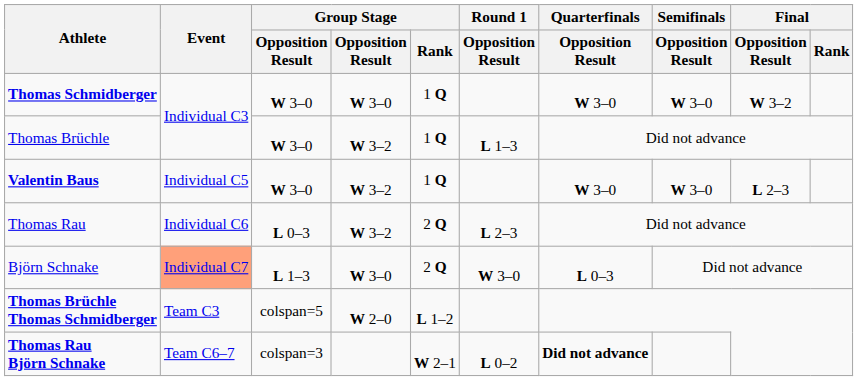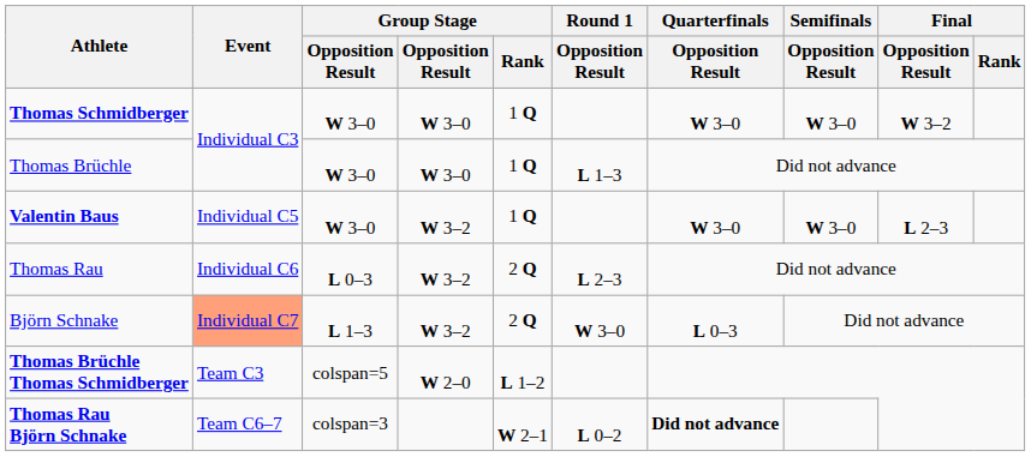 <table class=wikitable style="font-size:90%">
 <tr>
 <th rowspan="2">Athlete</th>
 <th rowspan="2">Event</th>
 <th colspan="3">Group Stage</th>
 <th>Round 1</th>
 <th>Quarterfinals</th>
 <th>Semifinals</th>
 <th colspan="2">Final</th>
 </tr>
 <tr>
 <th>Opposition<br>Result</th>
 <th>Opposition<br>Result</th>
 <th>Rank</th>
 <th>Opposition<br>Result</th>
 <th>Opposition<br>Result</th>
 <th>Opposition<br>Result</th>
 <th>Opposition<br>Result</th>
 <th>Rank</th>
 </tr>
 <tr align=center>
 <td align=left><strong><a href='#'>Thomas Schmidberger</a></strong></td>
 <td rowspan="2" align="left"><a href='#'>Individual C3</a></td>
 <td><br><strong>W</strong> 3–0</td>
 <td><br><strong>W</strong> 3–0</td>
 <td>1 <strong>Q</strong></td>
 <td></td>
 <td><br><strong>W</strong> 3–0</td>
 <td><br><strong>W</strong> 3–0</td>
 <td><br><strong>W</strong> 3–2</td>
 <td></td>
 </tr>
 <tr align=center>
 <td align=left><a href='#'>Thomas Brüchle</a></td>
 <td><br><strong>W</strong> 3–0</td>
-<td><br><strong>W</strong> 3–2</td>
+<td><br><strong>W</strong> 3–0</td>
 <td>1 <strong>Q</strong></td>
 <td><br><strong>L</strong> 1–3</td>
 <td colspan=4>Did not advance</td>
 </tr>
 <tr align=center>
 <td align=left><strong><a href='#'>Valentin Baus</a></strong></td>
 <td align=left><a href='#'>Individual C5</a></td>
 <td><br><strong>W</strong> 3–0</td>
 <td><br><strong>W</strong> 3–2</td>
 <td>1 <strong>Q</strong></td>
 <td></td>
 <td><br><strong>W</strong> 3–0</td>
 <td><br><strong>W</strong> 3–0</td>
 <td><br><strong>L</strong> 2–3</td>
 <td></td>
 </tr>
 <tr align=center>
 <td align=left><a href='#'>Thomas Rau</a></td>
 <td align=left><a href='#'>Individual C6</a></td>
 <td><br><strong>L</strong> 0–3</td>
 <td><br><strong>W</strong> 3–2</td>
 <td>2 <strong>Q</strong></td>
 <td><br><strong>L</strong> 2–3</td>
 <td colspan=4>Did not advance</td>
 </tr>
 <tr align=center>
 <td align=left><a href='#'>Björn Schnake</a></td>
 <td align=left style="background: lightsalmon;"><a href='#'>Individual C7</a></td>
 <td><br><strong>L</strong> 1–3</td>
-<td><br><strong>W</strong> 3–0</td>
+<td><br><strong>W</strong> 3–2</td>
 <td>2 <strong>Q</strong></td>
 <td><br><strong>W</strong> 3–0</td>
 <td><br><strong>L</strong> 0–3</td>
 <td colspan=3>Did not advance</td>
 </tr>
 <tr align=center>
 <td align=left><strong><a href='#'>Thomas Brüchle</a><br><a href='#'>Thomas Schmidberger</a></strong></td>
 <td align=left><a href='#'>Team C3</a></td>
 <td>colspan=5</td>
 <td><br><strong>W</strong> 2–0</td>
 <td><br><strong>L</strong> 1–2</td>
 <td></td>
 </tr>
 <tr align=center>
 <td align=left><strong><a href='#'>Thomas Rau</a><br><a href='#'>Björn Schnake</a></strong></td>
 <td align=left><a href='#'>Team C6–7</a></td>
 <td>colspan=3</td>
 <td></td>
 <td><br><strong>W</strong> 2–1</td>
 <td><br><strong>L</strong> 0–2</td>
 <td><strong>Did not advance</strong></td>
 <td></td>
 </tr>
 </table>
